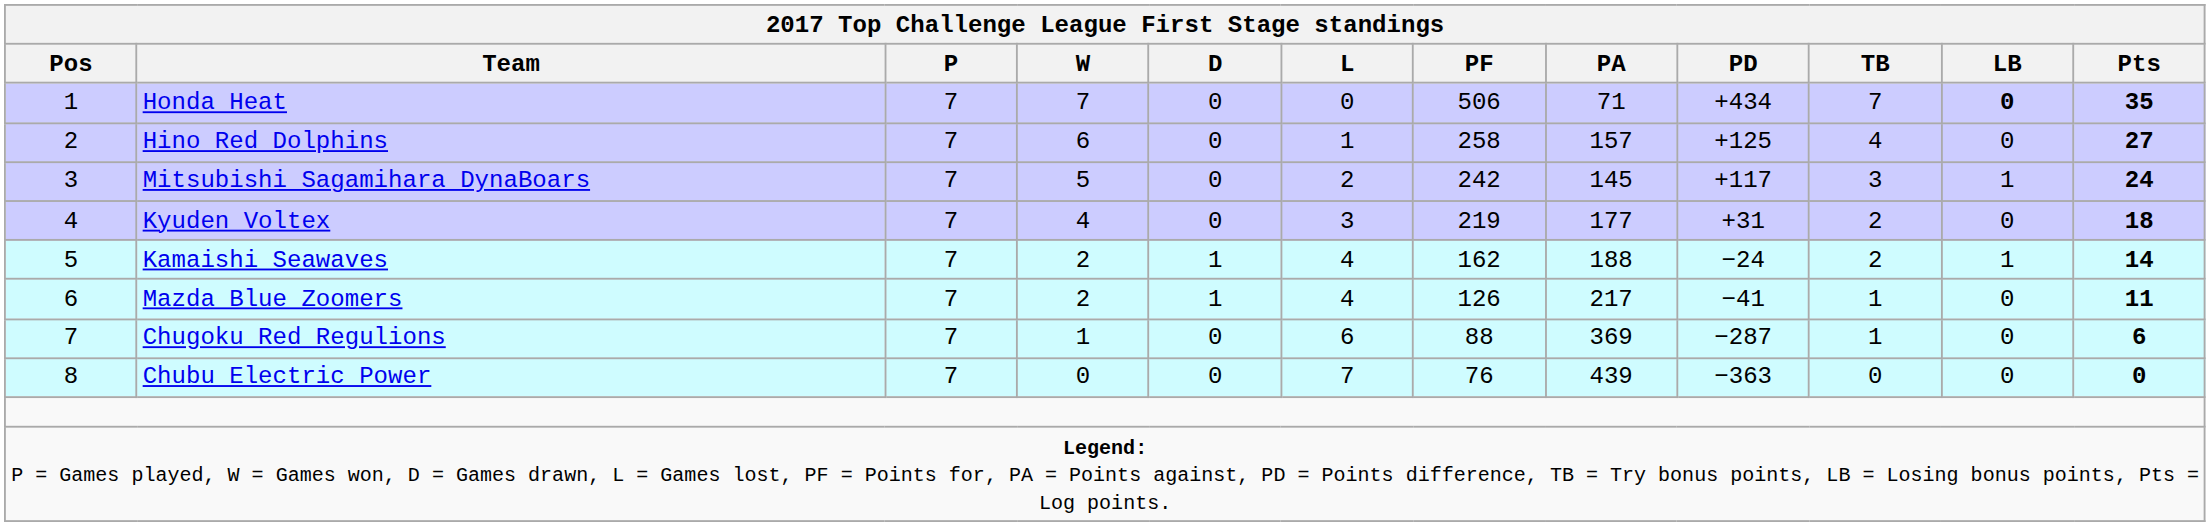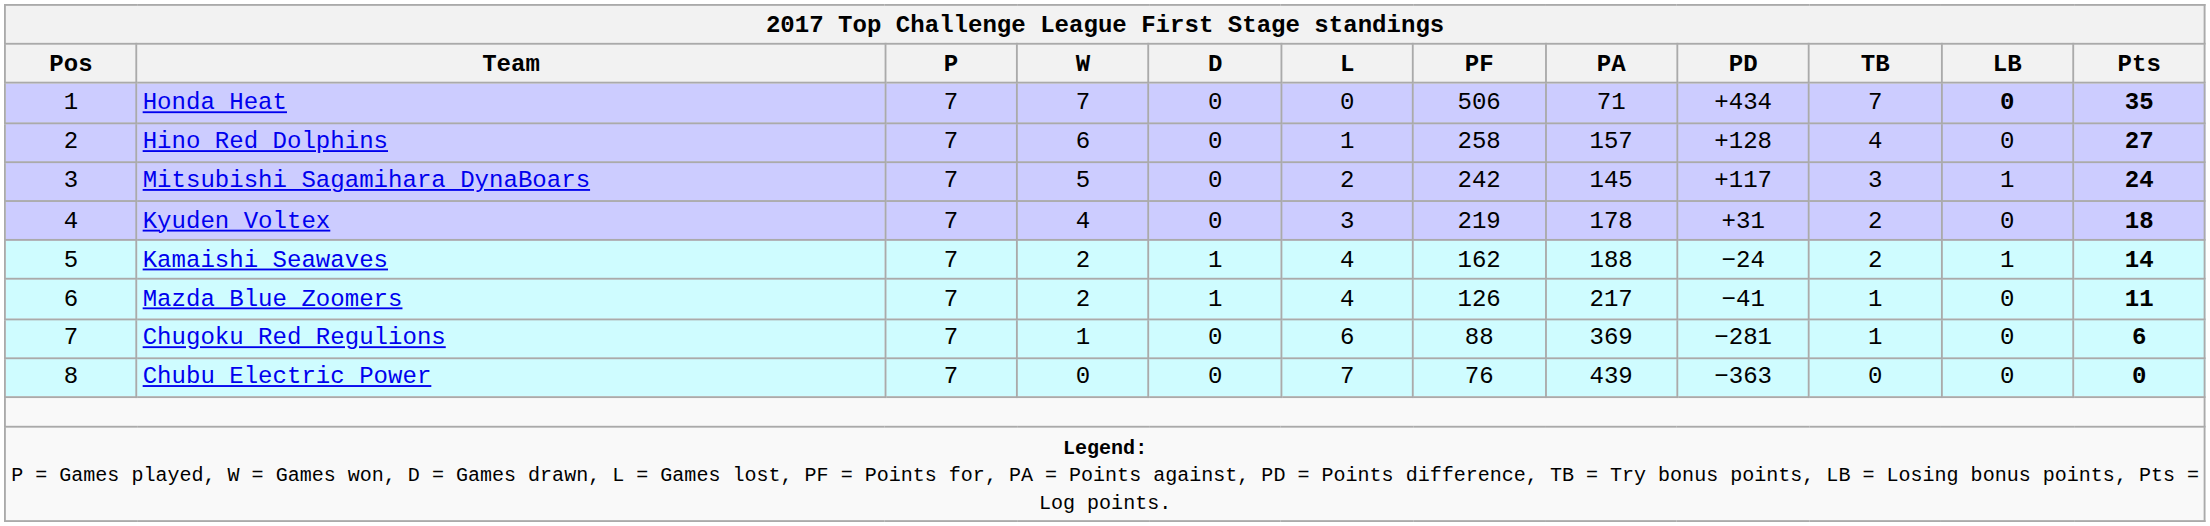 <table class="wikitable" style="text-align:center; font-size:100%; width:60%;">
 <tr>
 <th colspan="100%" cellpadding="0" cellspacing="0"><strong>2017 Top Challenge League First Stage standings</strong></th>
 </tr>
 <tr>
 <th style="width:6%;">Pos</th>
 <th style="width:34%;">Team</th>
 <th style="width:6%;">P</th>
 <th style="width:6%;">W</th>
 <th style="width:6%;">D</th>
 <th style="width:6%;">L</th>
 <th style="width:6%;">PF</th>
 <th style="width:6%;">PA</th>
 <th style="width:6%;">PD</th>
 <th style="width:6%;">TB</th>
 <th style="width:6%;">LB</th>
 <th style="width:6%;">Pts<br></th>
 </tr>
 <tr style="background:#CCCCFF;">
 <td>1</td>
 <td style="text-align:left;"><a href='#'>Honda Heat</a></td>
 <td>7</td>
 <td>7</td>
 <td>0</td>
 <td>0</td>
 <td>506</td>
 <td>71</td>
 <td>+434</td>
 <td>7</td>
 <td><strong>0</strong></td>
 <td><strong>35</strong></td>
 </tr>
 <tr style="background:#CCCCFF;">
 <td>2</td>
 <td style="text-align:left;"><a href='#'>Hino Red Dolphins</a></td>
 <td>7</td>
 <td>6</td>
 <td>0</td>
 <td>1</td>
 <td>258</td>
 <td>157</td>
-<td>+125</td>
+<td>+128</td>
 <td>4</td>
 <td>0</td>
 <td><strong>27</strong></td>
 </tr>
 <tr style="background:#CCCCFF;">
 <td>3</td>
 <td style="text-align:left;"><a href='#'>Mitsubishi Sagamihara DynaBoars</a></td>
 <td>7</td>
 <td>5</td>
 <td>0</td>
 <td>2</td>
 <td>242</td>
 <td>145</td>
 <td>+117</td>
 <td>3</td>
 <td>1</td>
 <td><strong>24</strong></td>
 </tr>
 <tr style="background:#CCCCFF;">
 <td>4</td>
 <td style="text-align:left;"><a href='#'>Kyuden Voltex</a></td>
 <td>7</td>
 <td>4</td>
 <td>0</td>
 <td>3</td>
 <td>219</td>
-<td>177</td>
+<td>178</td>
 <td>+31</td>
 <td>2</td>
 <td>0</td>
 <td><strong>18</strong></td>
 </tr>
 <tr style="background:#CFFCFF;">
 <td>5</td>
 <td style="text-align:left;"><a href='#'>Kamaishi Seawaves</a></td>
 <td>7</td>
 <td>2</td>
 <td>1</td>
 <td>4</td>
 <td>162</td>
 <td>188</td>
 <td>−24</td>
 <td>2</td>
 <td>1</td>
 <td><strong>14</strong></td>
 </tr>
 <tr style="background:#CFFCFF;">
 <td>6</td>
 <td style="text-align:left;"><a href='#'>Mazda Blue Zoomers</a></td>
 <td>7</td>
 <td>2</td>
 <td>1</td>
 <td>4</td>
 <td>126</td>
 <td>217</td>
 <td>−41</td>
 <td>1</td>
 <td>0</td>
 <td><strong>11</strong></td>
 </tr>
 <tr style="background:#CFFCFF;">
 <td>7</td>
 <td style="text-align:left;"><a href='#'>Chugoku Red Regulions</a></td>
 <td>7</td>
 <td>1</td>
 <td>0</td>
 <td>6</td>
 <td>88</td>
 <td>369</td>
-<td>−287</td>
+<td>−281</td>
 <td>1</td>
 <td>0</td>
 <td><strong>6</strong></td>
 </tr>
 <tr style="background:#CFFCFF;">
 <td>8</td>
 <td style="text-align:left;"><a href='#'>Chubu Electric Power</a></td>
 <td>7</td>
 <td>0</td>
 <td>0</td>
 <td>7</td>
 <td>76</td>
 <td>439</td>
 <td>−363</td>
 <td>0</td>
 <td>0</td>
 <td><strong>0</strong></td>
 </tr>
 <tr>
 <td colspan="100%" style="height:10px;"></td>
 </tr>
 <tr>
 <td colspan="100%"><small><strong>Legend:</strong> <br> P = Games played, W = Games won, D = Games drawn, L = Games lost, PF = Points for, PA = Points against, PD = Points difference, TB = Try bonus points, LB = Losing bonus points, Pts = Log points.</small></td>
 </tr>
 </table>
